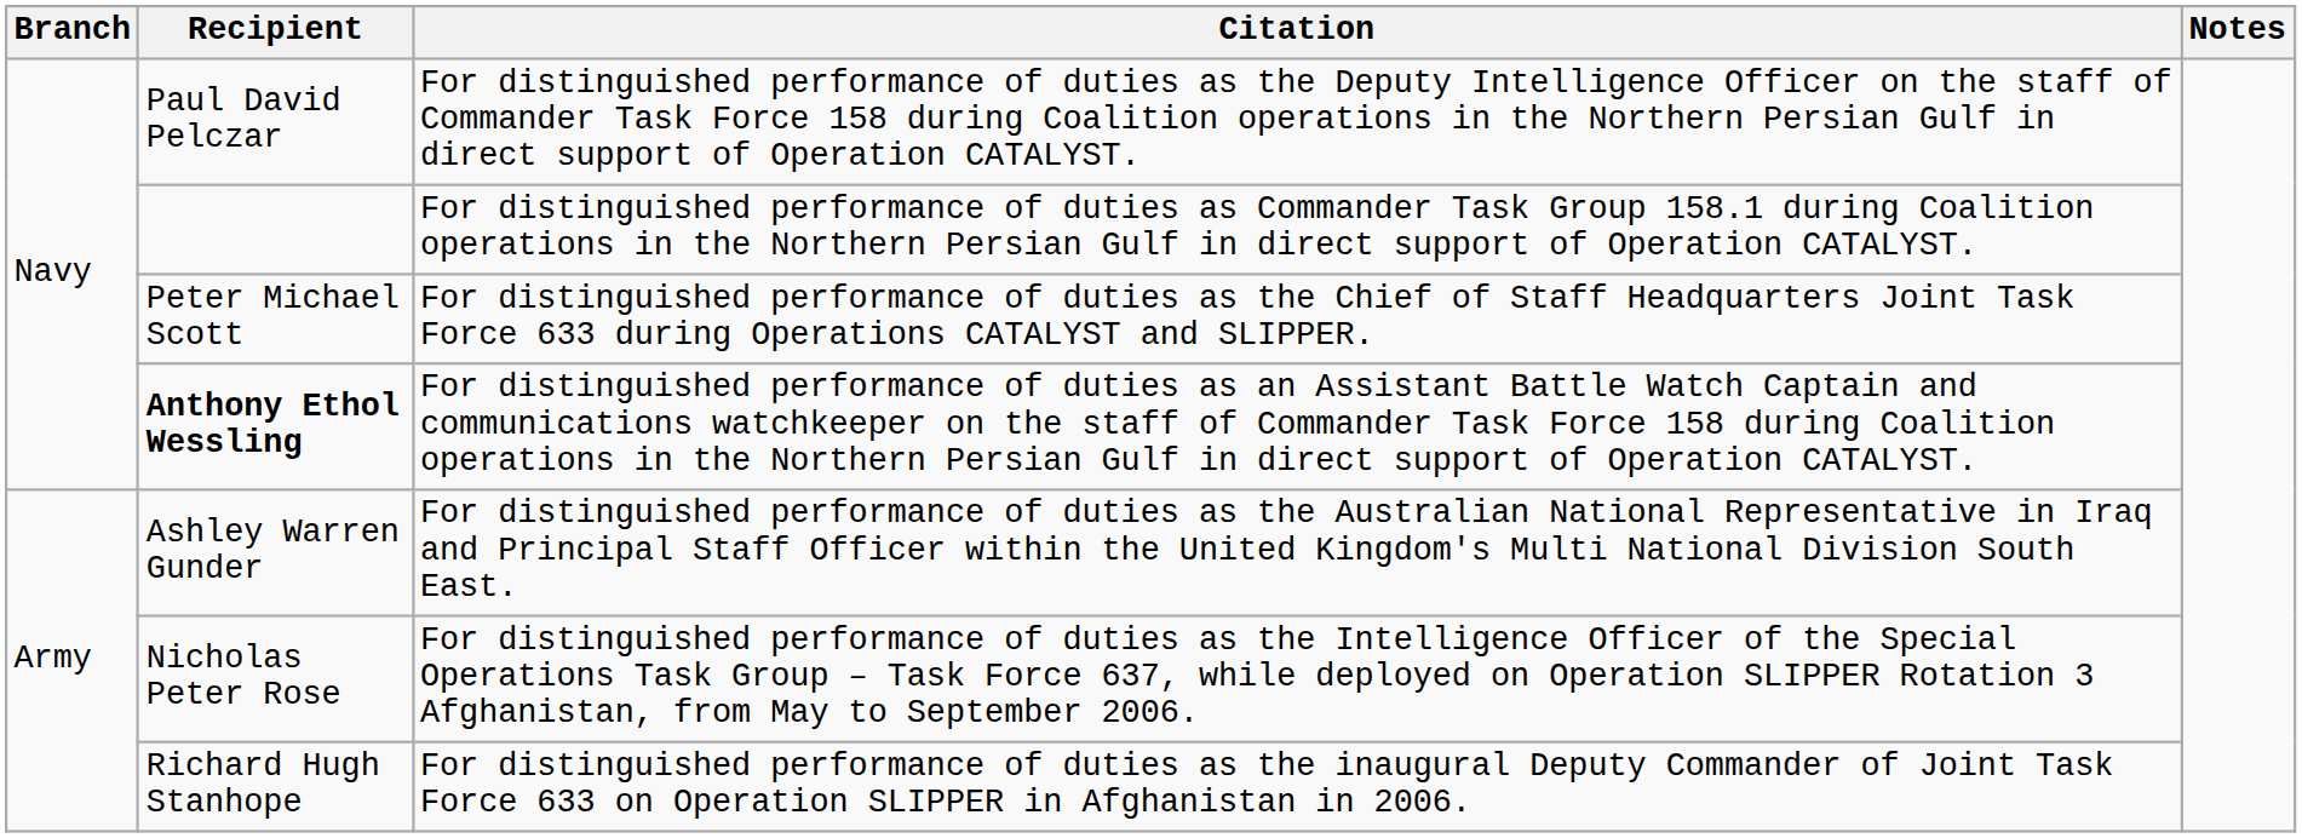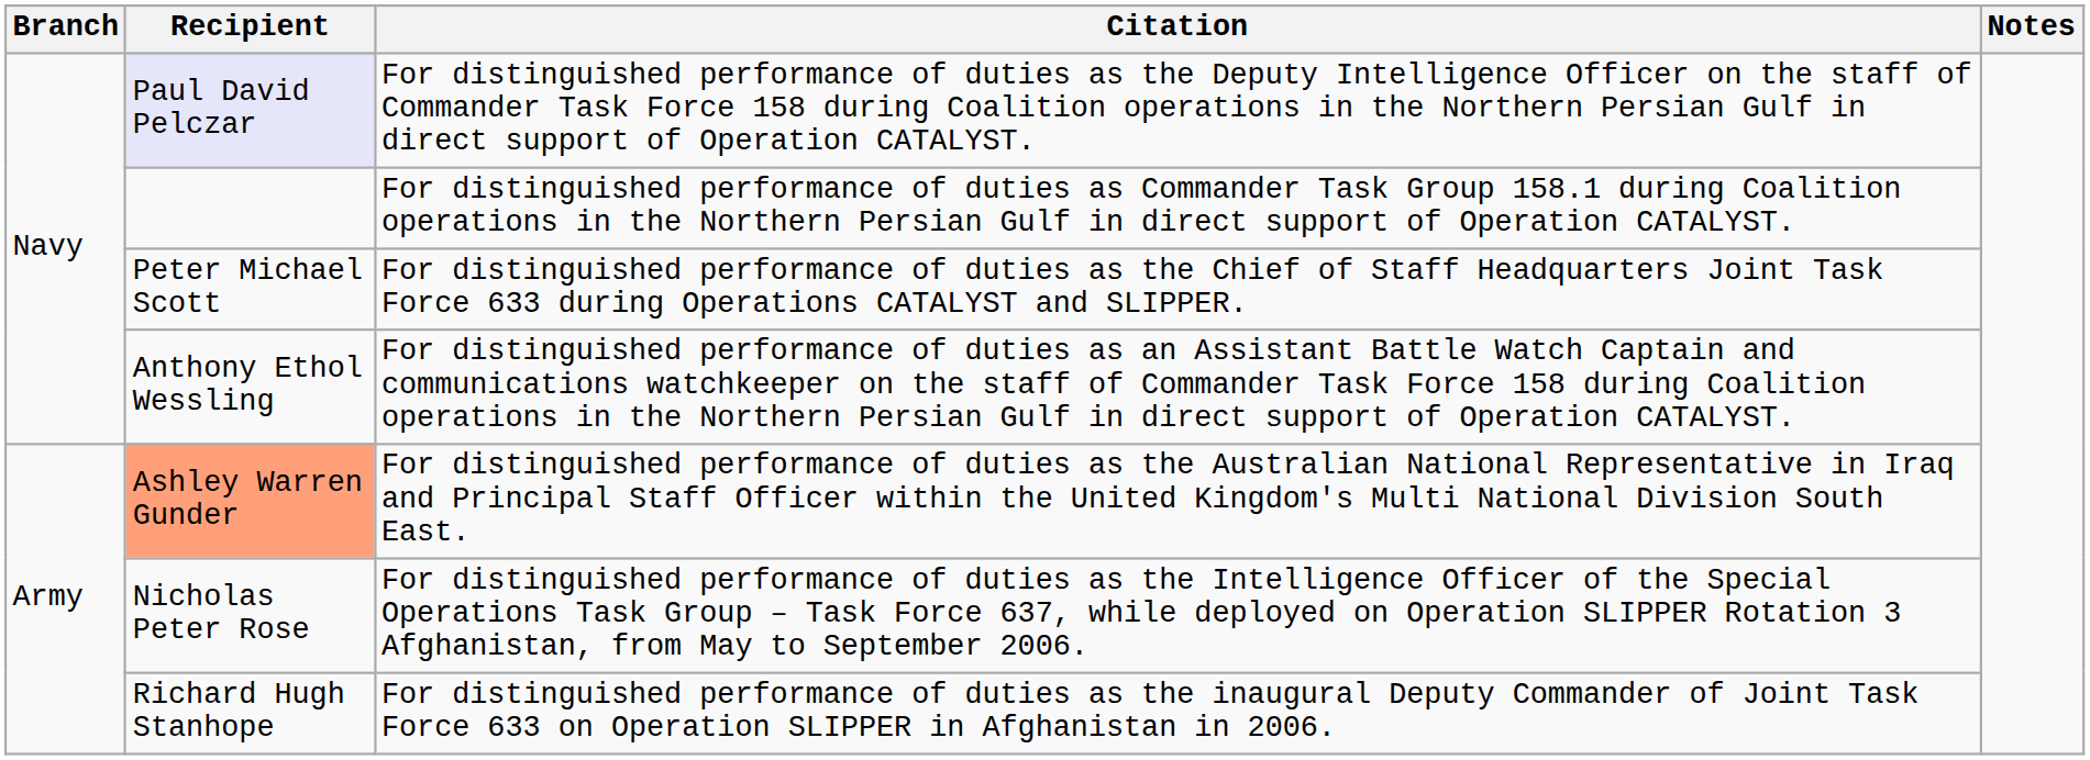 <table class="wikitable" style="font-size:95%;">
 <tr>
 <th>Branch</th>
 <th>Recipient</th>
 <th>Citation</th>
 <th>Notes</th>
 </tr>
 <tr>
 <td rowspan=4>Navy</td>
-<td> Paul David Pelczar </td>
+<td style="background: lavender;"> Paul David Pelczar </td>
 <td>For distinguished performance of duties as the Deputy Intelligence Officer on the staff of Commander Task Force 158 during Coalition operations in the Northern Persian Gulf in direct support of Operation CATALYST.</td>
 <td rowspan=7></td>
 </tr>
 <tr>
 <td></td>
 <td>For distinguished performance of duties as Commander Task Group 158.1 during Coalition operations in the Northern Persian Gulf in direct support of Operation CATALYST.</td>
 </tr>
 <tr>
 <td> Peter Michael Scott </td>
 <td>For distinguished performance of duties as the Chief of Staff Headquarters Joint Task Force 633 during Operations CATALYST and SLIPPER.</td>
 </tr>
 <tr>
-<td><strong> Anthony Ethol Wessling</strong></td>
+<td> Anthony Ethol Wessling</td>
 <td>For distinguished performance of duties as an Assistant Battle Watch Captain and communications watchkeeper on the staff of Commander Task Force 158 during Coalition operations in the Northern Persian Gulf in direct support of Operation CATALYST.</td>
 </tr>
 <tr>
 <td rowspan=3>Army</td>
-<td> Ashley Warren Gunder</td>
+<td style="background: lightsalmon;"> Ashley Warren Gunder</td>
 <td>For distinguished performance of duties as the Australian National Representative in Iraq and Principal Staff Officer within the United Kingdom's Multi National Division South East.</td>
 </tr>
 <tr>
 <td> Nicholas Peter Rose</td>
 <td>For distinguished performance of duties as the Intelligence Officer of the Special Operations Task Group – Task Force 637, while deployed on Operation SLIPPER Rotation 3 Afghanistan, from May to September 2006.</td>
 </tr>
 <tr>
 <td> Richard Hugh Stanhope </td>
 <td>For distinguished performance of duties as the inaugural Deputy Commander of Joint Task Force 633 on Operation SLIPPER in Afghanistan in 2006.</td>
 </tr>
 </table>
